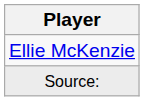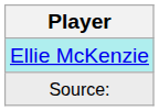 <table class="wikitable">
 <tr>
 <th>Player</th>
 </tr>
 <tr>
-<td><a href='#'>Ellie McKenzie</a></td>
+<td style="background: paleturquoise;"><a href='#'>Ellie McKenzie</a></td>
 </tr>
 <tr>
 <td style="text-align: center; background: #ececec;"><small>Source:</small></td>
 </tr>
 </table>
